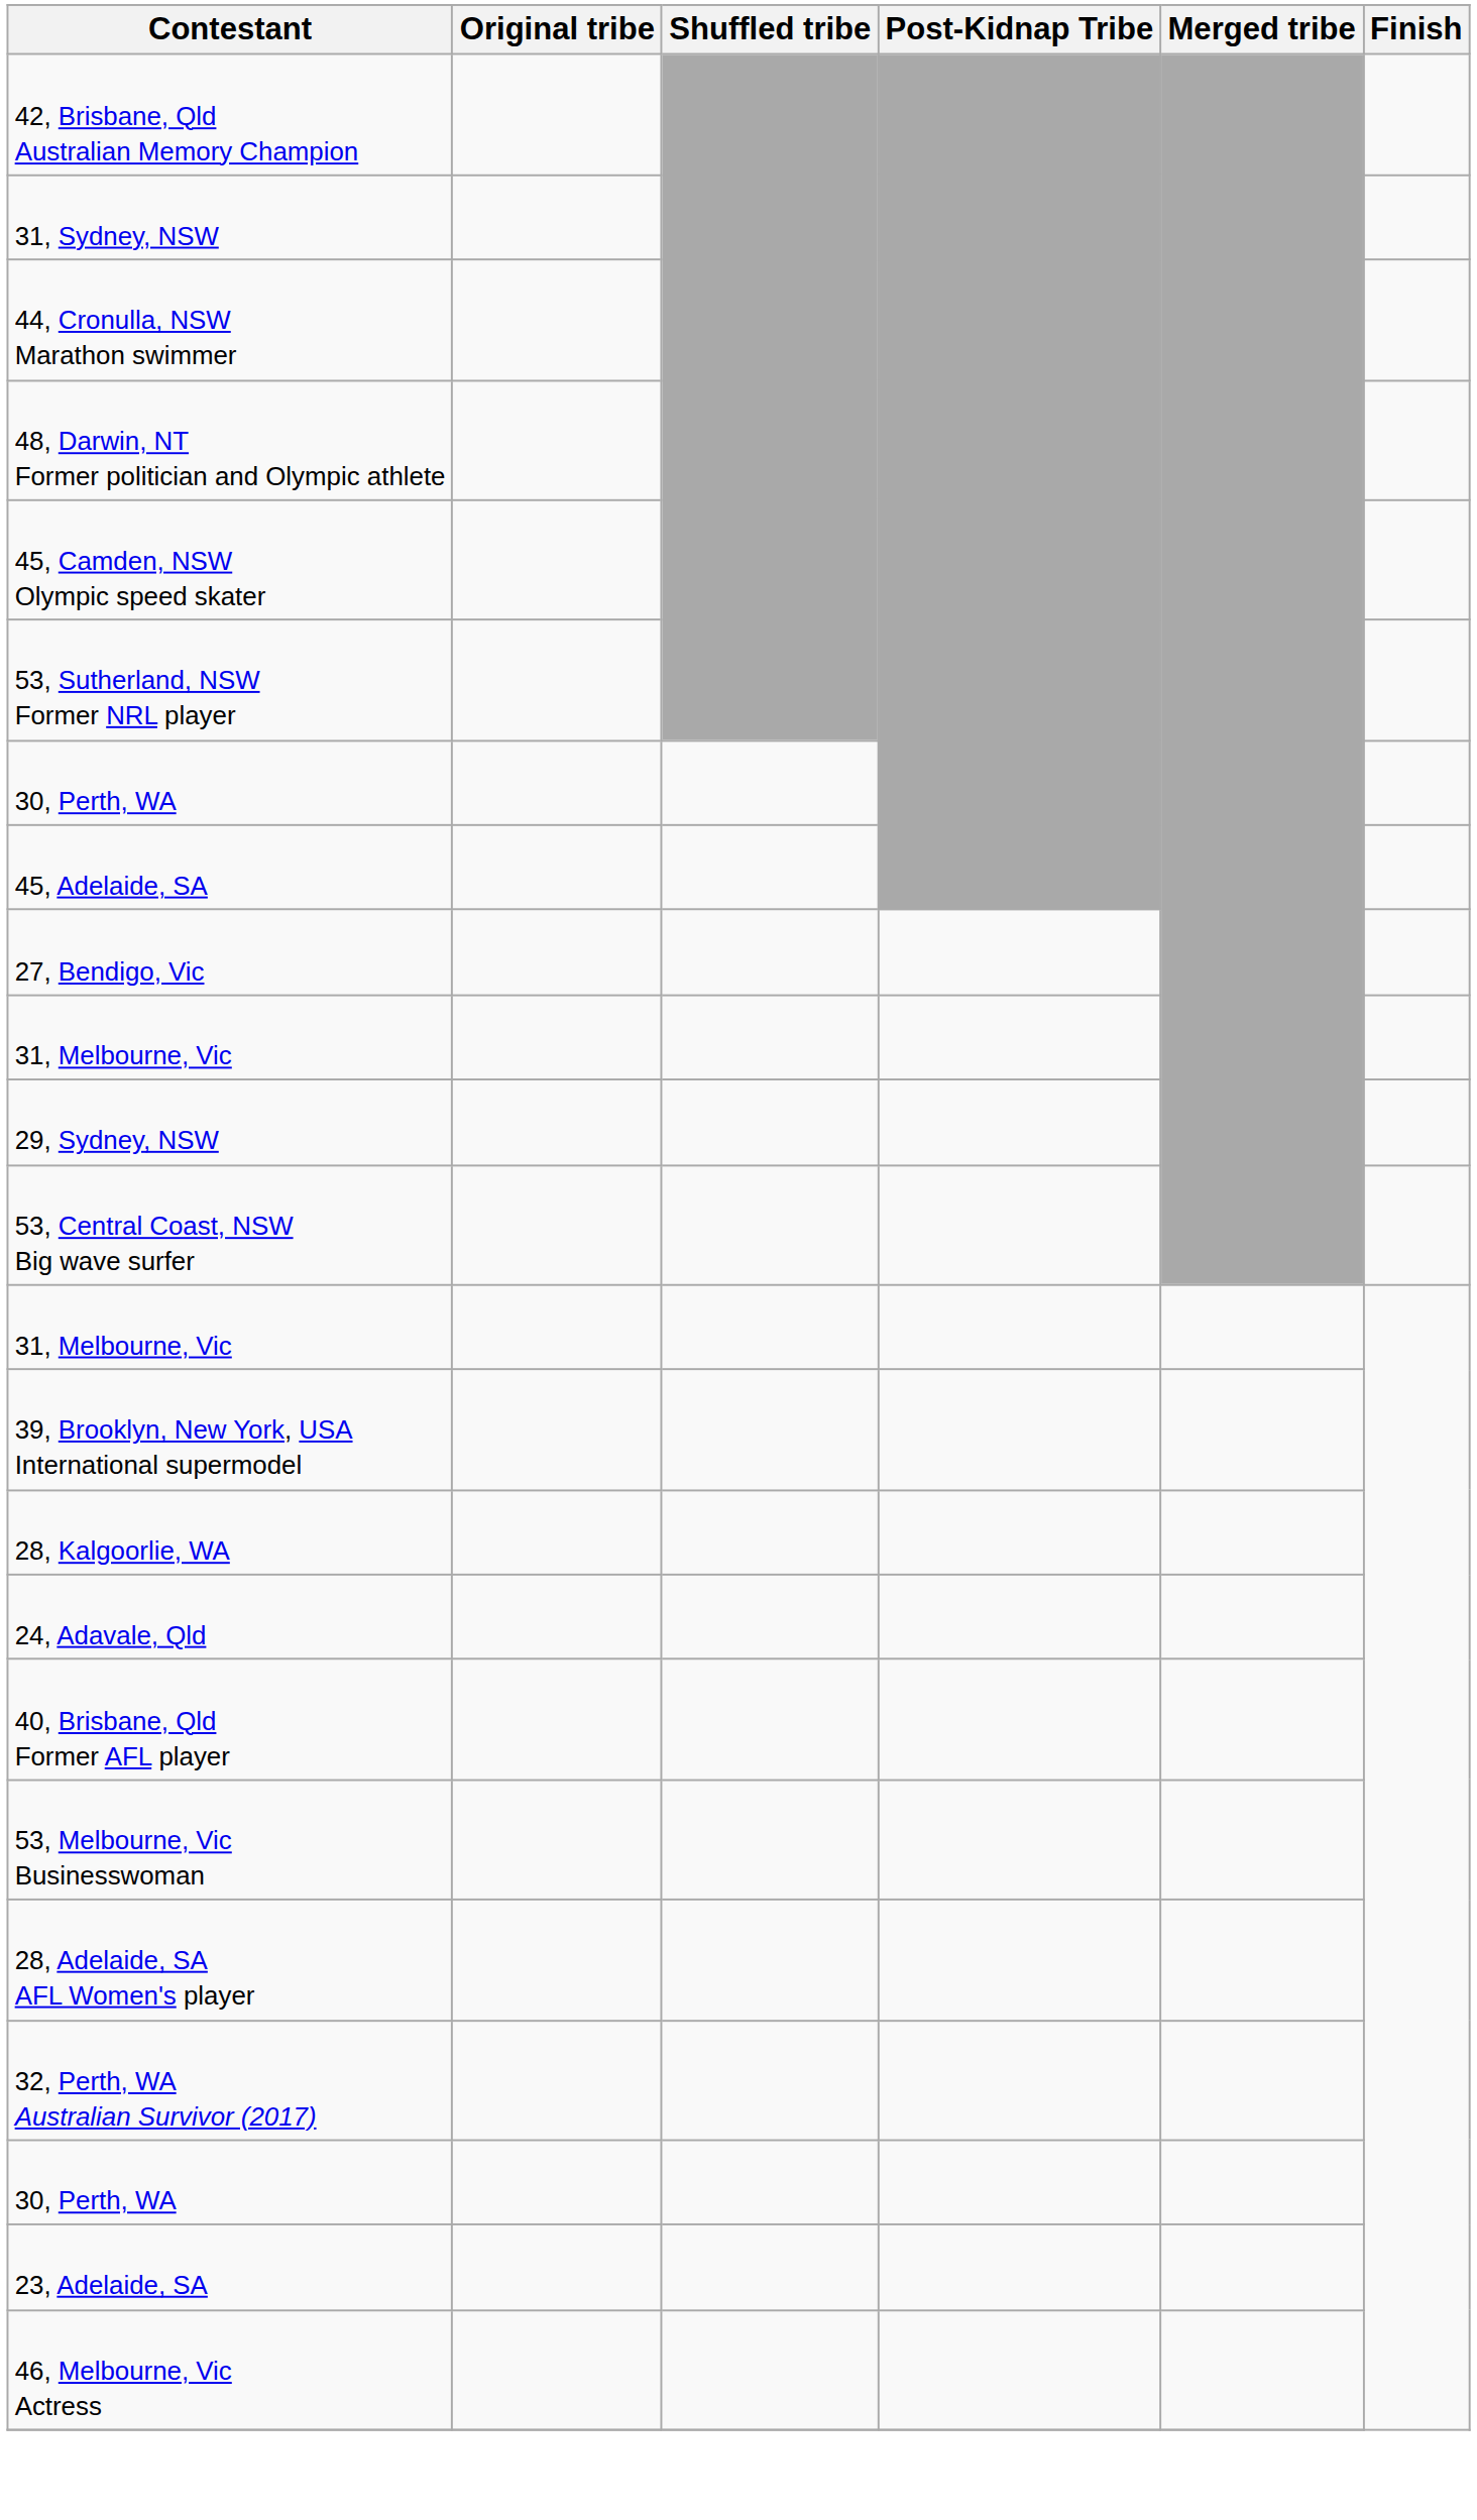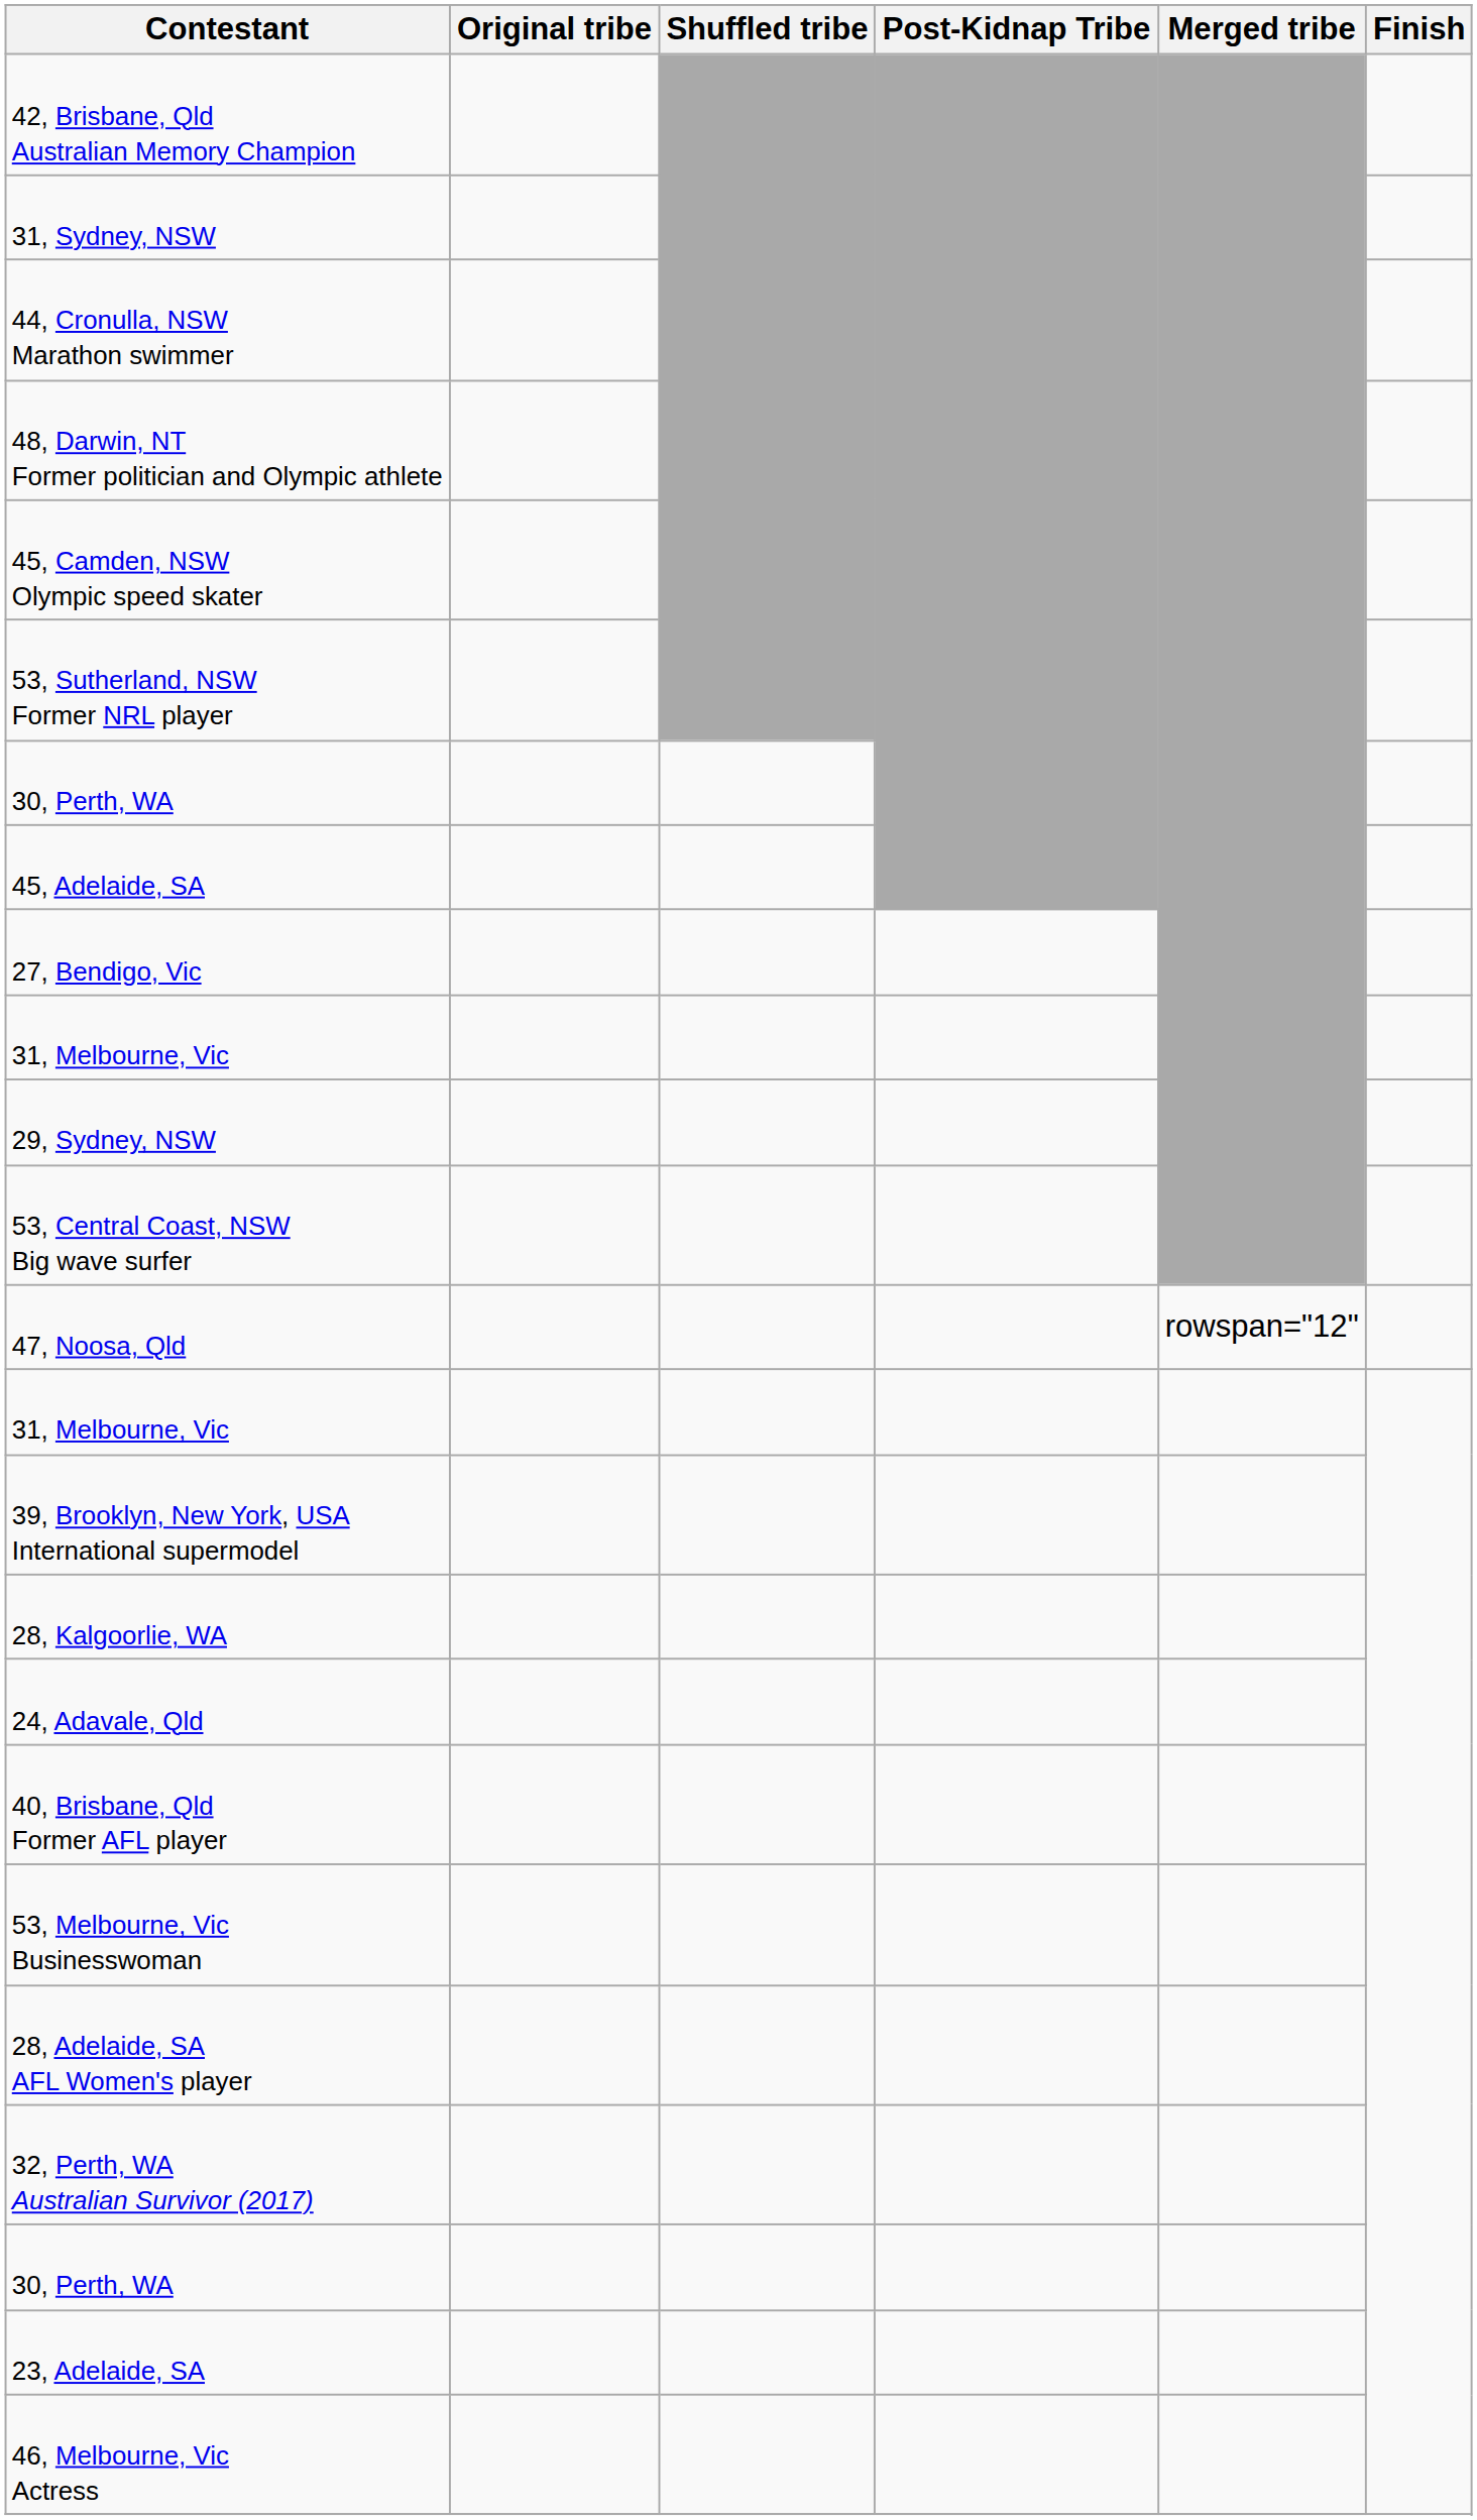 <table class="wikitable sortable nowrap" style="margin:auto; text-align:center">
 <tr>
 <th>Contestant</th>
 <th>Original tribe</th>
 <th>Shuffled tribe</th>
 <th>Post-Kidnap Tribe</th>
 <th>Merged tribe</th>
 <th>Finish</th>
 </tr>
 <tr>
 <td align="left"><strong></strong><br><small>42, <a href='#'>Brisbane, Qld</a><br><a href='#'>Australian Memory Champion</a></small></td>
 <td></td>
 <td style="background:darkgrey;" rowspan="6"></td>
 <td style="background:darkgrey;" rowspan="8"></td>
 <td style="background:darkgrey;" rowspan="12"></td>
 <td></td>
 </tr>
 <tr>
 <td align="left"><strong></strong><br><small>31, <a href='#'>Sydney, NSW</a></small></td>
 <td></td>
 <td></td>
 </tr>
 <tr>
 <td align="left"><strong></strong><br><small>44, <a href='#'>Cronulla, NSW</a><br>Marathon swimmer</small></td>
 <td></td>
 <td></td>
 </tr>
 <tr>
 <td align="left"><strong></strong><br><small>48, <a href='#'>Darwin, NT</a><br>Former politician and Olympic athlete</small></td>
 <td></td>
 <td></td>
 </tr>
 <tr>
 <td align="left"><strong></strong><br><small>45, <a href='#'>Camden, NSW</a><br>Olympic speed skater</small></td>
 <td></td>
 <td></td>
 </tr>
 <tr>
 <td align="left"><strong></strong><br><small>53, <a href='#'>Sutherland, NSW</a><br>Former <a href='#'>NRL</a> player</small></td>
 <td></td>
 <td></td>
 </tr>
 <tr>
 <td align="left"><strong></strong><br><small>30, <a href='#'>Perth, WA</a></small></td>
 <td></td>
 <td></td>
 <td></td>
 </tr>
 <tr>
 <td align="left"><strong></strong><br><small>45, <a href='#'>Adelaide, SA</a></small></td>
 <td></td>
 <td></td>
 <td></td>
 </tr>
 <tr>
 <td align="left"><strong></strong><br><small>27, <a href='#'>Bendigo, Vic</a></small></td>
 <td></td>
 <td></td>
 <td></td>
 <td></td>
 </tr>
 <tr>
 <td align="left"><strong></strong><br><small>31, <a href='#'>Melbourne, Vic</a></small></td>
 <td></td>
 <td></td>
 <td></td>
 <td></td>
 </tr>
 <tr>
 <td align="left"><strong></strong><br><small>29, <a href='#'>Sydney, NSW</a></small></td>
 <td></td>
 <td></td>
 <td></td>
 <td></td>
 </tr>
 <tr>
 <td align="left"><strong></strong><br><small>53, <a href='#'>Central Coast, NSW</a><br>Big wave surfer</small></td>
 <td></td>
 <td></td>
 <td></td>
 <td></td>
 </tr>
 <tr>
+<td align="left"><strong></strong><br><small>47, <a href='#'>Noosa, Qld</a></small></td>
+<td></td>
+<td></td>
+<td></td>
+<td>rowspan="12" </td>
+<td></td>
+</tr>
+<tr>
 <td align="left"><strong></strong><br><small>31, <a href='#'>Melbourne, Vic</a></small></td>
 <td></td>
 <td></td>
 <td></td>
 <td></td>
 </tr>
 <tr>
 <td align="left"><strong></strong><br><small>39, <a href='#'>Brooklyn, New York</a>, <a href='#'>USA</a><br>International supermodel</small></td>
 <td></td>
 <td></td>
 <td></td>
 <td></td>
 </tr>
 <tr>
 <td align="left"><strong></strong><br><small>28, <a href='#'>Kalgoorlie, WA</a></small></td>
 <td></td>
 <td></td>
 <td></td>
 <td></td>
 </tr>
 <tr>
 <td align="left"><strong></strong><br><small>24, <a href='#'>Adavale, Qld</a></small></td>
 <td></td>
 <td></td>
 <td></td>
 <td></td>
 </tr>
 <tr>
 <td align="left"><strong></strong><br><small>40, <a href='#'>Brisbane, Qld</a><br>Former <a href='#'>AFL</a> player</small></td>
 <td></td>
 <td></td>
 <td></td>
 <td></td>
 </tr>
 <tr>
 <td align="left"><strong></strong><br><small>53, <a href='#'>Melbourne, Vic</a><br>Businesswoman</small></td>
 <td></td>
 <td></td>
 <td></td>
 <td></td>
 </tr>
 <tr>
 <td align="left"><strong></strong><br><small>28, <a href='#'>Adelaide, SA</a><br><a href='#'>AFL Women's</a> player</small></td>
 <td></td>
 <td></td>
 <td></td>
 <td></td>
 </tr>
 <tr>
 <td align="left"><strong></strong><br><small>32, <a href='#'>Perth, WA</a><br><em><a href='#'>Australian Survivor (2017)</a></em></small></td>
 <td></td>
 <td></td>
 <td></td>
 <td></td>
 </tr>
 <tr>
 <td align="left"><strong></strong><br><small>30, <a href='#'>Perth, WA</a></small></td>
 <td></td>
 <td></td>
 <td></td>
 <td></td>
 </tr>
 <tr>
 <td align="left"><strong></strong><br><small>23, <a href='#'>Adelaide, SA</a></small></td>
 <td></td>
 <td></td>
 <td></td>
 <td></td>
 </tr>
 <tr>
 <td align="left"><strong></strong><br><small>46, <a href='#'>Melbourne, Vic</a><br>Actress</small></td>
 <td></td>
 <td></td>
 <td></td>
 <td></td>
 </tr>
 <tr>
 </tr>
 </table>
